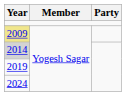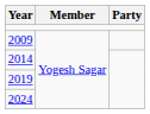 <table class="wikitable">
 <tr>
 <th>Year</th>
 <th>Member</th>
 <th colspan="2">Party</th>
 </tr>
 <tr>
 <td colspan=4></td>
 </tr>
 <tr>
-<td style="background: khaki;"><a href='#'>2009</a></td>
+<td><a href='#'>2009</a></td>
 <td rowspan="4"><a href='#'>Yogesh Sagar</a></td>
 <td></td>
 </tr>
 <tr>
-<td style="background: lightgrey;"><a href='#'>2014</a></td>
+<td><a href='#'>2014</a></td>
 </tr>
 <tr>
 <td><a href='#'>2019</a></td>
 </tr>
 <tr>
 <td><a href='#'>2024</a></td>
 </tr>
 </table>
